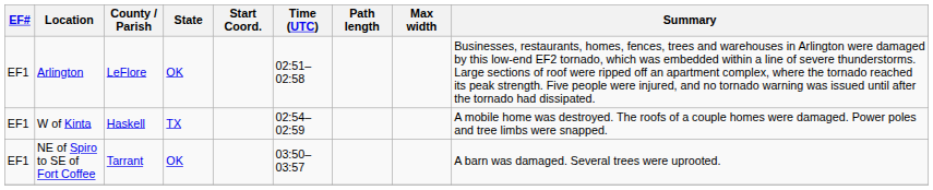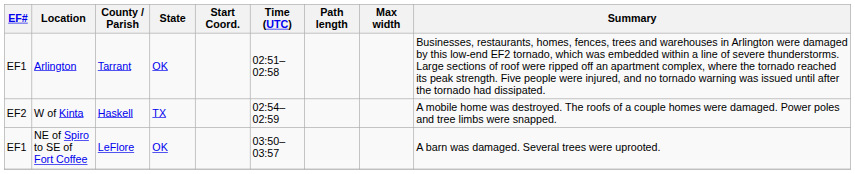 <table class="wikitable sortable" style="width:100%;">
 <tr>
 <th scope="col"  style="width:3%; text-align:center;"><a href='#'>EF#</a></th>
 <th scope="col"  style="width:7%; text-align:center;" class="unsortable">Location</th>
 <th scope="col"  style="width:6%; text-align:center;" class="unsortable">County / Parish</th>
 <th scope="col"  style="width:5%; text-align:center;">State</th>
 <th scope="col"  style="width:6%; text-align:center;">Start Coord.</th>
 <th scope="col"  style="width:6%; text-align:center;">Time (<a href='#'>UTC</a>)</th>
 <th scope="col"  style="width:6%; text-align:center;">Path length</th>
 <th scope="col"  style="width:6%; text-align:center;">Max width</th>
 <th scope="col" class="unsortable" style="width:48%; text-align:center;">Summary</th>
 </tr>
 <tr>
 <td>EF1</td>
 <td><a href='#'>Arlington</a></td>
-<td><a href='#'>LeFlore</a></td>
+<td><a href='#'>Tarrant</a></td>
 <td><a href='#'>OK</a></td>
 <td></td>
 <td>02:51–02:58</td>
 <td></td>
 <td></td>
 <td>Businesses, restaurants, homes, fences, trees and warehouses in Arlington were damaged by this low-end EF2 tornado, which was embedded within a line of severe thunderstorms. Large sections of roof were ripped off an apartment complex, where the tornado reached its peak strength. Five people were injured, and no tornado warning was issued until after the tornado had dissipated.</td>
 </tr>
 <tr>
-<td>EF1</td>
+<td>EF2</td>
 <td>W of <a href='#'>Kinta</a></td>
 <td><a href='#'>Haskell</a></td>
 <td><a href='#'>TX</a></td>
 <td></td>
 <td>02:54–02:59</td>
 <td></td>
 <td></td>
 <td>A mobile home was destroyed. The roofs of a couple homes were damaged. Power poles and tree limbs were snapped.</td>
 </tr>
 <tr>
 <td>EF1</td>
 <td>NE of <a href='#'>Spiro</a> to SE of <a href='#'>Fort Coffee</a></td>
-<td><a href='#'>Tarrant</a></td>
+<td><a href='#'>LeFlore</a></td>
 <td><a href='#'>OK</a></td>
 <td></td>
 <td>03:50–03:57</td>
 <td></td>
 <td></td>
 <td>A barn was damaged. Several trees were uprooted.</td>
 </tr>
 <tr>
 </tr>
 </table>
